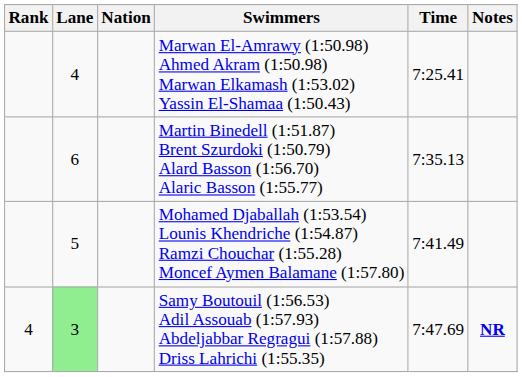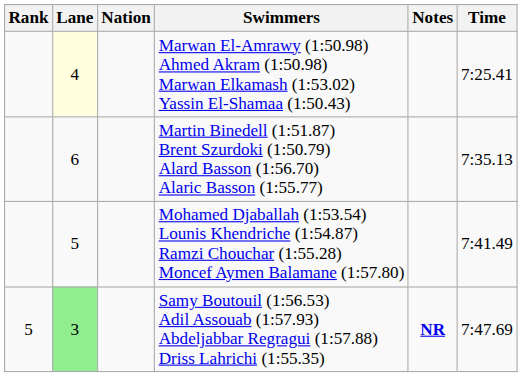 <table class="wikitable sortable" style="text-align:center">
 <tr>
 <th>Rank</th>
 <th>Lane</th>
 <th>Nation</th>
 <th>Swimmers</th>
+<th>Notes</th>
 <th>Time</th>
-<th>Notes</th>
 </tr>
 <tr>
 <td></td>
-<td>4</td>
+<td style="background: lightyellow;">4</td>
 <td align=left></td>
 <td align=left><a href='#'>Marwan El-Amrawy</a> (1:50.98)<br><a href='#'>Ahmed Akram</a> (1:50.98)<br><a href='#'>Marwan Elkamash</a> (1:53.02)<br><a href='#'>Yassin El-Shamaa</a> (1:50.43)</td>
+<td></td>
 <td>7:25.41</td>
-<td></td>
 </tr>
 <tr>
 <td></td>
 <td>6</td>
 <td align=left></td>
 <td align=left><a href='#'>Martin Binedell</a> (1:51.87)<br><a href='#'>Brent Szurdoki</a> (1:50.79)<br><a href='#'>Alard Basson</a> (1:56.70)<br><a href='#'>Alaric Basson</a> (1:55.77)</td>
+<td></td>
 <td>7:35.13</td>
-<td></td>
 </tr>
 <tr>
 <td></td>
 <td>5</td>
 <td align="left"></td>
 <td align=left><a href='#'>Mohamed Djaballah</a> (1:53.54)<br><a href='#'>Lounis Khendriche</a> (1:54.87)<br><a href='#'>Ramzi Chouchar</a> (1:55.28)<br><a href='#'>Moncef Aymen Balamane</a> (1:57.80)</td>
+<td></td>
 <td>7:41.49</td>
-<td></td>
 </tr>
 <tr>
-<td>4</td>
+<td>5</td>
 <td style="background: lightgreen;">3</td>
 <td align="left"></td>
 <td align=left><a href='#'>Samy Boutouil</a> (1:56.53)<br><a href='#'>Adil Assouab</a> (1:57.93)<br><a href='#'>Abdeljabbar Regragui</a> (1:57.88)<br><a href='#'>Driss Lahrichi</a> (1:55.35)</td>
+<td><strong><a href='#'>NR</a></strong></td>
 <td>7:47.69</td>
-<td><strong><a href='#'>NR</a></strong></td>
 </tr>
 </table>
